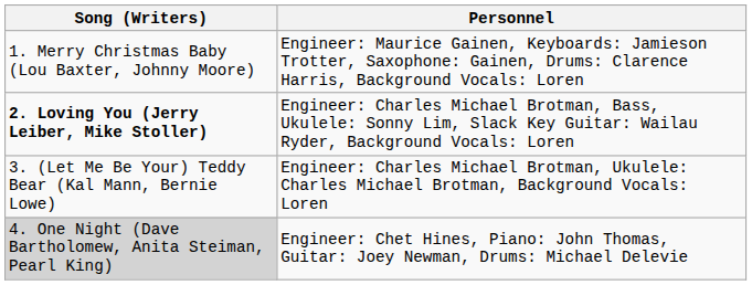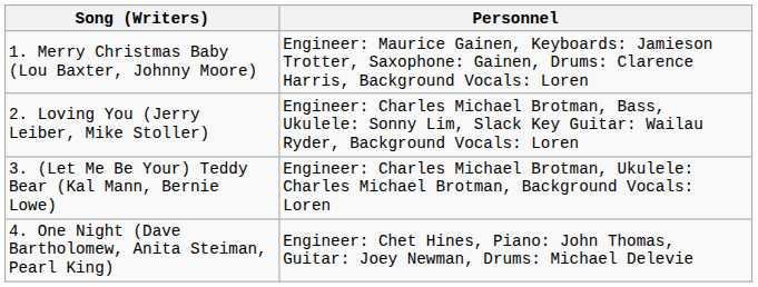 <table class="wikitable">
 <tr>
 <th>Song (Writers)</th>
 <th>Personnel</th>
 </tr>
 <tr>
 <td>1. Merry Christmas Baby (Lou Baxter, Johnny Moore)</td>
 <td>Engineer: Maurice Gainen, Keyboards: Jamieson Trotter, Saxophone: Gainen, Drums: Clarence Harris, Background Vocals: Loren</td>
 </tr>
 <tr>
-<td><strong>2. Loving You (Jerry Leiber, Mike Stoller)</strong></td>
+<td>2. Loving You (Jerry Leiber, Mike Stoller)</td>
 <td>Engineer: Charles Michael Brotman, Bass, Ukulele: Sonny Lim, Slack Key Guitar: Wailau Ryder, Background Vocals: Loren</td>
 </tr>
 <tr>
 <td>3. (Let Me Be Your) Teddy Bear (Kal Mann, Bernie Lowe)</td>
 <td>Engineer: Charles Michael Brotman, Ukulele: Charles Michael Brotman, Background Vocals: Loren</td>
 </tr>
 <tr>
-<td style="background: lightgrey;">4. One Night (Dave Bartholomew, Anita Steiman, Pearl King)</td>
+<td>4. One Night (Dave Bartholomew, Anita Steiman, Pearl King)</td>
 <td>Engineer: Chet Hines, Piano: John Thomas, Guitar: Joey Newman, Drums: Michael Delevie</td>
 </tr>
 </table>
